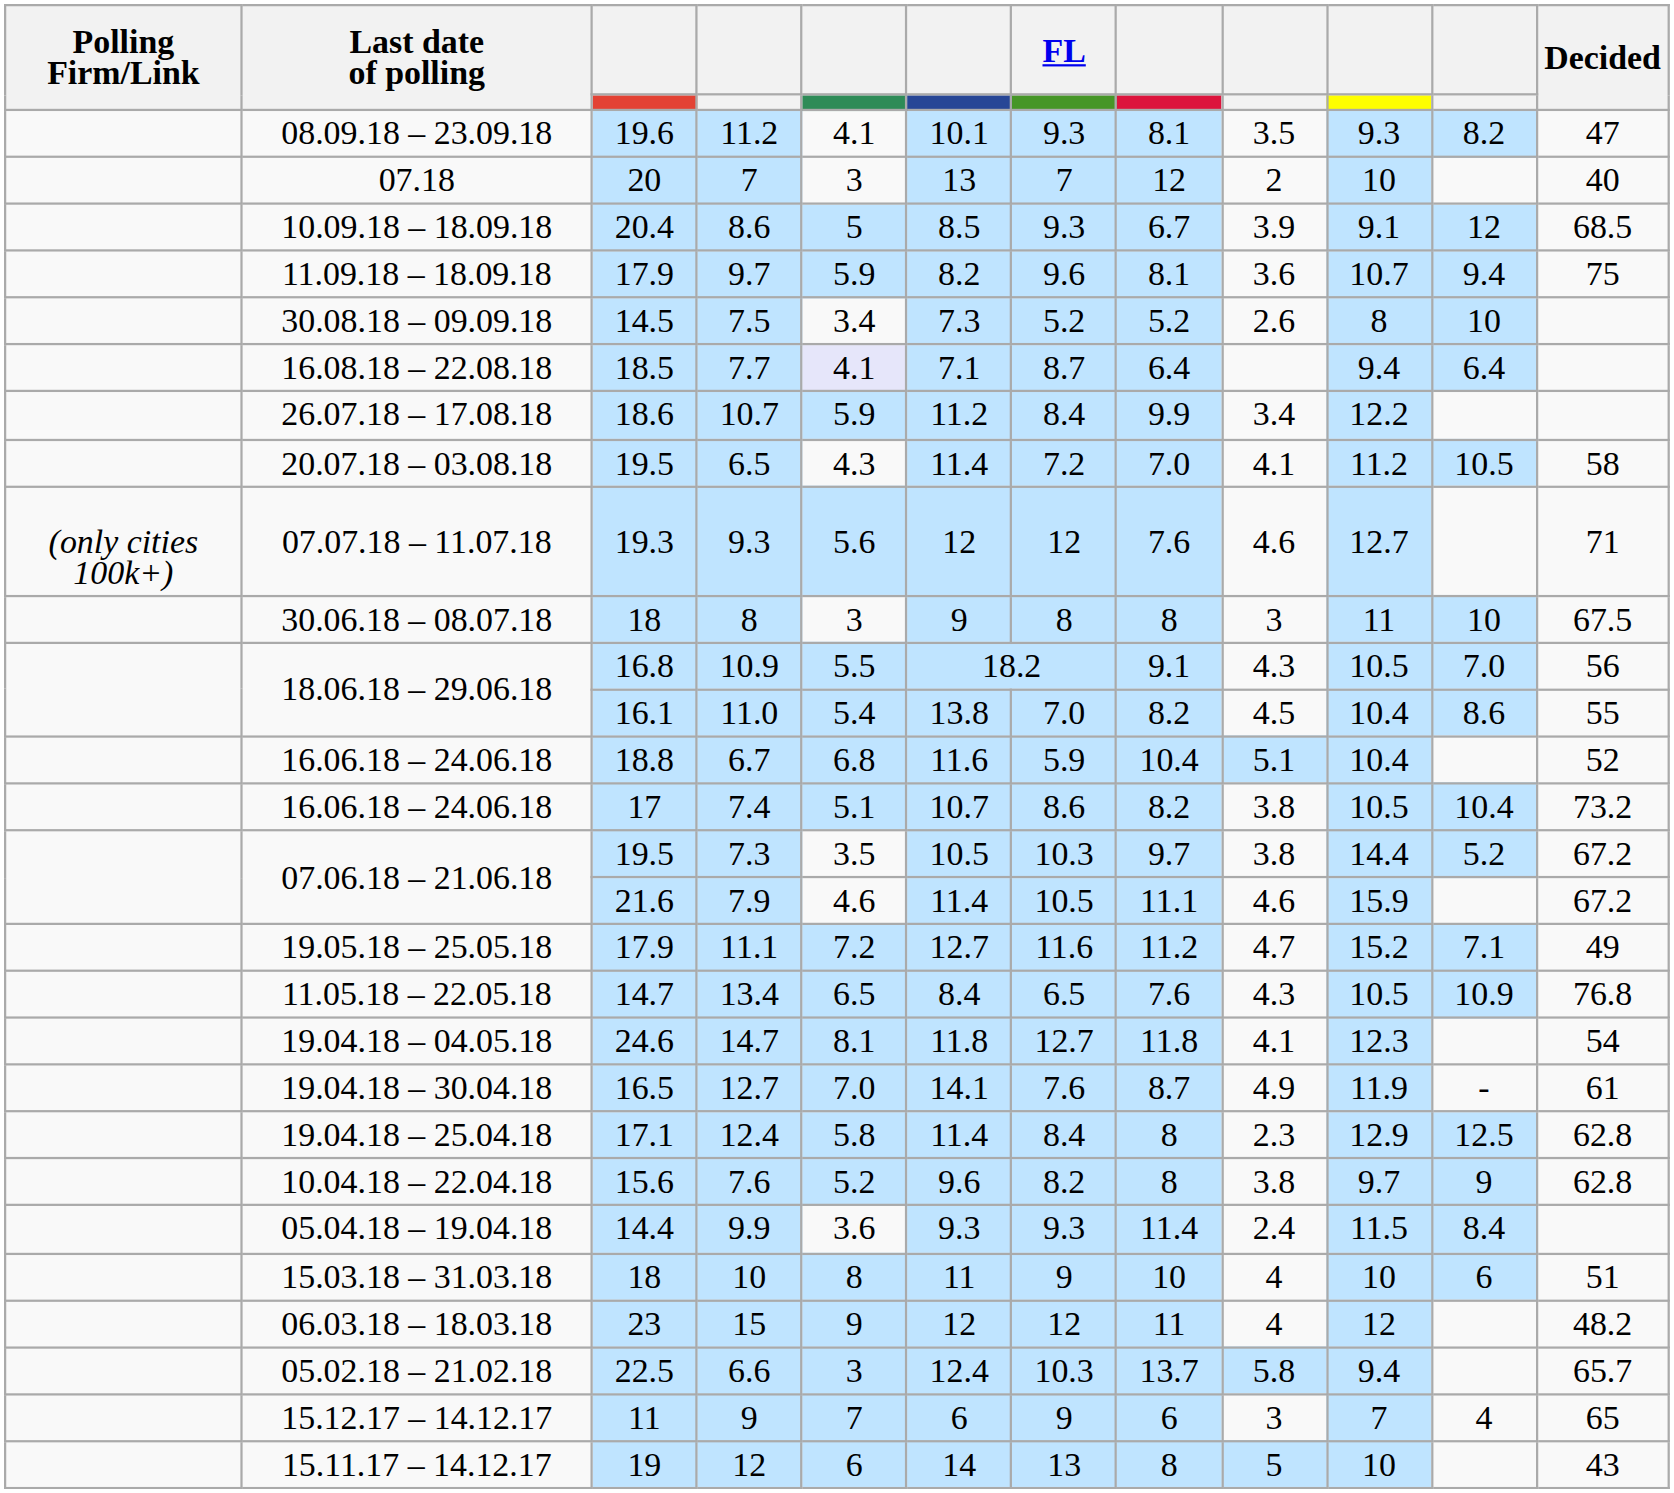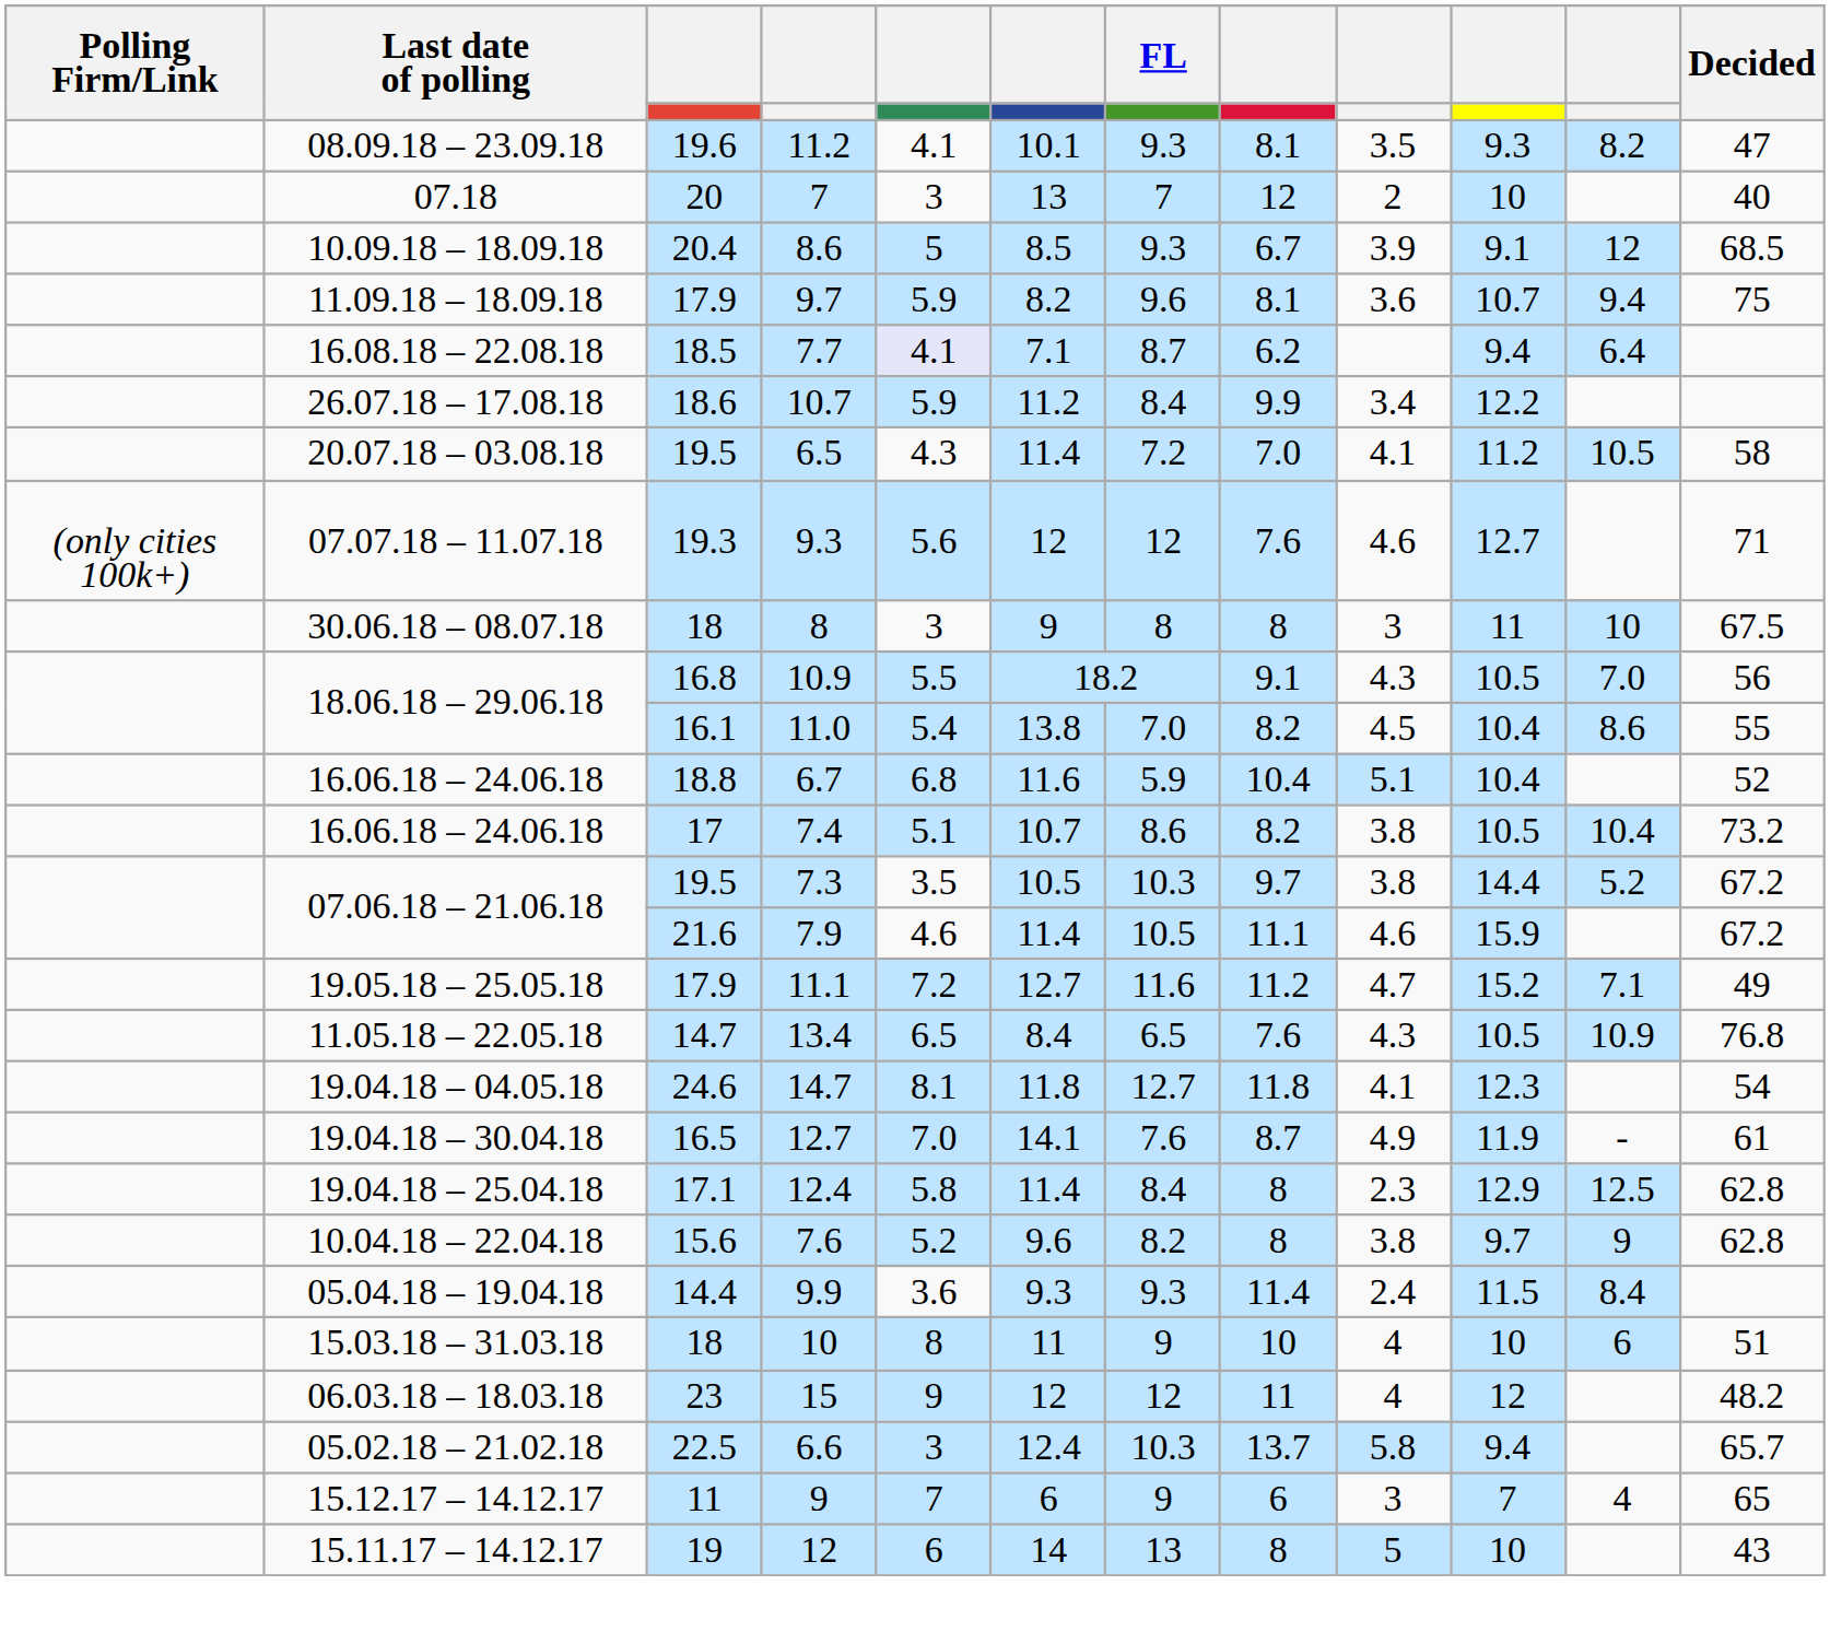 <table class="wikitable" style="text-align:center;font-size:95%;line-height:14px;">
 <tr style="height:40px; background-color:#E9E9E9">
 <th style="width:99px;" rowspan="2">Polling Firm/Link</th>
 <th style="width:150px;" rowspan="2">Last date<br>of polling</th>
 <th style="width:40px;"></th>
 <th style="width:40px;"></th>
 <th style="width:40px;"></th>
 <th style="width:40px;"></th>
 <th style="width:40px;"><a href='#'>FL</a></th>
 <th style="width:40px;"></th>
 <th style="width:40px;"></th>
 <th style="width:40px;"></th>
 <th style="width:40px;"></th>
 <th rowspan="2" style="width:40px;">Decided</th>
 </tr>
 <tr>
 <th style="background:#E34234;"></th>
 <th style="background:"></th>
 <th style="background:#2E8B57;"></th>
 <th style="background:#274696;"></th>
 <th style="background:#469627;"></th>
 <th style="background:Crimson;"></th>
 <th style="background:"></th>
 <th style="background:yellow;"></th>
 <th style="background:"></th>
 </tr>
 <tr>
 <td></td>
 <td>08.09.18 – 23.09.18</td>
 <td bgcolor="#bfe4ff" >19.6</td>
 <td bgcolor="#bfe4ff" >11.2</td>
 <td>4.1</td>
 <td bgcolor="#bfe4ff" >10.1</td>
 <td bgcolor="#bfe4ff" >9.3</td>
 <td bgcolor="#bfe4ff" >8.1</td>
 <td>3.5</td>
 <td bgcolor="#bfe4ff" >9.3</td>
 <td bgcolor="#bfe4ff" >8.2</td>
 <td>47</td>
 </tr>
 <tr>
 <td></td>
 <td>07.18</td>
 <td bgcolor="#bfe4ff" >20</td>
 <td bgcolor="#bfe4ff" >7</td>
 <td>3</td>
 <td bgcolor="#bfe4ff" >13</td>
 <td bgcolor="#bfe4ff" >7</td>
 <td bgcolor="#bfe4ff" >12</td>
 <td>2</td>
 <td bgcolor="#bfe4ff" >10</td>
 <td></td>
 <td>40</td>
 </tr>
 <tr>
 <td></td>
 <td>10.09.18 – 18.09.18</td>
 <td bgcolor="#bfe4ff" >20.4</td>
 <td bgcolor="#bfe4ff" >8.6</td>
 <td bgcolor="#bfe4ff" >5</td>
 <td bgcolor="#bfe4ff" >8.5</td>
 <td bgcolor="#bfe4ff" >9.3</td>
 <td bgcolor="#bfe4ff" >6.7</td>
 <td>3.9</td>
 <td bgcolor="#bfe4ff" >9.1</td>
 <td bgcolor="#bfe4ff" >12</td>
 <td>68.5</td>
 </tr>
 <tr>
 <td></td>
 <td>11.09.18 – 18.09.18</td>
 <td bgcolor="#bfe4ff" >17.9</td>
 <td bgcolor="#bfe4ff" >9.7</td>
 <td bgcolor="#bfe4ff" >5.9</td>
 <td bgcolor="#bfe4ff" >8.2</td>
 <td bgcolor="#bfe4ff" >9.6</td>
 <td bgcolor="#bfe4ff" >8.1</td>
 <td>3.6</td>
 <td bgcolor="#bfe4ff" >10.7</td>
 <td bgcolor="#bfe4ff" >9.4</td>
 <td>75</td>
 </tr>
 <tr>
 <td></td>
-<td>30.08.18 – 09.09.18</td>
-<td bgcolor="#bfe4ff" >14.5</td>
-<td bgcolor="#bfe4ff" >7.5</td>
-<td>3.4</td>
-<td bgcolor="#bfe4ff" >7.3</td>
-<td bgcolor="#bfe4ff" >5.2</td>
-<td bgcolor="#bfe4ff" >5.2</td>
-<td>2.6</td>
-<td bgcolor="#bfe4ff" >8</td>
-<td bgcolor="#bfe4ff" >10</td>
-<td></td>
-</tr>
-<tr>
-<td></td>
 <td>16.08.18 – 22.08.18</td>
 <td bgcolor="#bfe4ff" >18.5</td>
 <td bgcolor="#bfe4ff" >7.7</td>
 <td style="background: lavender;">4.1</td>
 <td bgcolor="#bfe4ff" >7.1</td>
 <td bgcolor="#bfe4ff" >8.7</td>
-<td bgcolor="#bfe4ff" >6.4</td>
+<td bgcolor="#bfe4ff" >6.2</td>
 <td></td>
 <td bgcolor="#bfe4ff" >9.4</td>
 <td bgcolor="#bfe4ff" >6.4</td>
 <td></td>
 </tr>
 <tr>
 <td> </td>
 <td>26.07.18 – 17.08.18</td>
 <td bgcolor="#bfe4ff" >18.6</td>
 <td bgcolor="#bfe4ff" >10.7</td>
 <td bgcolor="#bfe4ff" >5.9</td>
 <td bgcolor="#bfe4ff" >11.2</td>
 <td bgcolor="#bfe4ff" >8.4</td>
 <td bgcolor="#bfe4ff" >9.9</td>
 <td>3.4</td>
 <td bgcolor="#bfe4ff" >12.2</td>
 <td></td>
 <td></td>
 </tr>
 <tr>
 <td></td>
 <td>20.07.18 – 03.08.18</td>
 <td bgcolor="#bfe4ff" >19.5</td>
 <td bgcolor="#bfe4ff" >6.5</td>
 <td>4.3</td>
 <td bgcolor="#bfe4ff" >11.4</td>
 <td bgcolor="#bfe4ff" >7.2</td>
 <td bgcolor="#bfe4ff" >7.0</td>
 <td>4.1</td>
 <td bgcolor="#bfe4ff" >11.2</td>
 <td bgcolor="#bfe4ff" >10.5</td>
 <td>58</td>
 </tr>
 <tr>
 <td><br><em>(only cities 100k+)</em></td>
 <td>07.07.18 – 11.07.18</td>
 <td bgcolor="#bfe4ff" >19.3</td>
 <td bgcolor="#bfe4ff" >9.3</td>
 <td bgcolor="#bfe4ff" >5.6</td>
 <td bgcolor="#bfe4ff" >12</td>
 <td bgcolor="#bfe4ff" >12</td>
 <td bgcolor="#bfe4ff" >7.6</td>
 <td>4.6</td>
 <td bgcolor="#bfe4ff" >12.7</td>
 <td></td>
 <td>71</td>
 </tr>
 <tr>
 <td></td>
 <td>30.06.18 – 08.07.18</td>
 <td bgcolor="#bfe4ff" >18</td>
 <td bgcolor="#bfe4ff" >8</td>
 <td>3</td>
 <td bgcolor="#bfe4ff" >9</td>
 <td bgcolor="#bfe4ff" >8</td>
 <td bgcolor="#bfe4ff" >8</td>
 <td>3</td>
 <td bgcolor="#bfe4ff" >11</td>
 <td bgcolor="#bfe4ff" >10</td>
 <td>67.5</td>
 </tr>
 <tr>
 <td rowspan="2"> </td>
 <td rowspan="2">18.06.18 – 29.06.18</td>
 <td bgcolor="#bfe4ff" >16.8</td>
 <td bgcolor="#bfe4ff" >10.9</td>
 <td bgcolor="#bfe4ff" >5.5</td>
 <td bgcolor="#bfe4ff" colspan="2" >18.2</td>
 <td bgcolor="#bfe4ff" >9.1</td>
 <td bgcolor= >4.3</td>
 <td bgcolor="#bfe4ff" >10.5</td>
 <td bgcolor="#bfe4ff" >7.0</td>
 <td>56</td>
 </tr>
 <tr>
 <td bgcolor="#bfe4ff" >16.1</td>
 <td bgcolor="#bfe4ff" >11.0</td>
 <td bgcolor="#bfe4ff" >5.4</td>
 <td bgcolor="#bfe4ff" >13.8</td>
 <td bgcolor="#bfe4ff" >7.0</td>
 <td bgcolor="#bfe4ff" >8.2</td>
 <td bgcolor= >4.5</td>
 <td bgcolor="#bfe4ff" >10.4</td>
 <td bgcolor="#bfe4ff" >8.6</td>
 <td>55</td>
 </tr>
 <tr>
 <td></td>
 <td>16.06.18 – 24.06.18</td>
 <td bgcolor="#bfe4ff" >18.8</td>
 <td bgcolor="#bfe4ff" >6.7</td>
 <td bgcolor="#bfe4ff" >6.8</td>
 <td bgcolor="#bfe4ff" >11.6</td>
 <td bgcolor="#bfe4ff" >5.9</td>
 <td bgcolor="#bfe4ff" >10.4</td>
 <td bgcolor="#bfe4ff" >5.1</td>
 <td bgcolor="#bfe4ff" >10.4</td>
 <td></td>
 <td>52</td>
 </tr>
 <tr>
 <td></td>
 <td>16.06.18 – 24.06.18</td>
 <td bgcolor="#bfe4ff" >17</td>
 <td bgcolor="#bfe4ff" >7.4</td>
 <td bgcolor="#bfe4ff" >5.1</td>
 <td bgcolor="#bfe4ff" >10.7</td>
 <td bgcolor="#bfe4ff" >8.6</td>
 <td bgcolor="#bfe4ff" >8.2</td>
 <td>3.8</td>
 <td bgcolor="#bfe4ff" >10.5</td>
 <td bgcolor="#bfe4ff" >10.4</td>
 <td>73.2</td>
 </tr>
 <tr>
 <td rowspan="2"></td>
 <td rowspan="2">07.06.18 – 21.06.18</td>
 <td bgcolor="#bfe4ff" >19.5</td>
 <td bgcolor="#bfe4ff" >7.3</td>
 <td>3.5</td>
 <td bgcolor="#bfe4ff" >10.5</td>
 <td bgcolor="#bfe4ff" >10.3</td>
 <td bgcolor="#bfe4ff" >9.7</td>
 <td>3.8</td>
 <td bgcolor="#bfe4ff" >14.4</td>
 <td bgcolor="#bfe4ff" >5.2</td>
 <td>67.2</td>
 </tr>
 <tr>
 <td bgcolor="#bfe4ff" >21.6</td>
 <td bgcolor="#bfe4ff" >7.9</td>
 <td>4.6</td>
 <td bgcolor="#bfe4ff" >11.4</td>
 <td bgcolor="#bfe4ff" >10.5</td>
 <td bgcolor="#bfe4ff" >11.1</td>
 <td>4.6</td>
 <td bgcolor="#bfe4ff" >15.9</td>
 <td></td>
 <td>67.2</td>
 </tr>
 <tr>
 <td></td>
 <td>19.05.18 – 25.05.18</td>
 <td bgcolor="#bfe4ff" >17.9</td>
 <td bgcolor="#bfe4ff" >11.1</td>
 <td bgcolor="#bfe4ff" >7.2</td>
 <td bgcolor="#bfe4ff" >12.7</td>
 <td bgcolor="#bfe4ff" >11.6</td>
 <td bgcolor="#bfe4ff" >11.2</td>
 <td>4.7</td>
 <td bgcolor="#bfe4ff" >15.2</td>
 <td bgcolor="#bfe4ff" >7.1</td>
 <td>49</td>
 </tr>
 <tr>
 <td></td>
 <td>11.05.18 – 22.05.18</td>
 <td bgcolor="#bfe4ff" >14.7</td>
 <td bgcolor="#bfe4ff" >13.4</td>
 <td bgcolor="#bfe4ff" >6.5</td>
 <td bgcolor="#bfe4ff" >8.4</td>
 <td bgcolor="#bfe4ff" >6.5</td>
 <td bgcolor="#bfe4ff" >7.6</td>
 <td>4.3</td>
 <td bgcolor="#bfe4ff" >10.5</td>
 <td bgcolor="#bfe4ff" >10.9</td>
 <td>76.8</td>
 </tr>
 <tr>
 <td></td>
 <td>19.04.18 – 04.05.18</td>
 <td bgcolor="#bfe4ff" >24.6</td>
 <td bgcolor="#bfe4ff" >14.7</td>
 <td bgcolor="#bfe4ff" >8.1</td>
 <td bgcolor="#bfe4ff" >11.8</td>
 <td bgcolor="#bfe4ff" >12.7</td>
 <td bgcolor="#bfe4ff" >11.8</td>
 <td bgcolor= >4.1</td>
 <td bgcolor="#bfe4ff" >12.3</td>
 <td></td>
 <td>54</td>
 </tr>
 <tr>
 <td></td>
 <td>19.04.18 – 30.04.18</td>
 <td bgcolor="#bfe4ff" >16.5</td>
 <td bgcolor="#bfe4ff" >12.7</td>
 <td bgcolor="#bfe4ff" >7.0</td>
 <td bgcolor="#bfe4ff" >14.1</td>
 <td bgcolor="#bfe4ff" >7.6</td>
 <td bgcolor="#bfe4ff" >8.7</td>
 <td bgcolor= >4.9</td>
 <td bgcolor="#bfe4ff" >11.9</td>
 <td>-</td>
 <td>61</td>
 </tr>
 <tr>
 <td></td>
 <td>19.04.18 – 25.04.18</td>
 <td bgcolor="#bfe4ff" >17.1</td>
 <td bgcolor="#bfe4ff" >12.4</td>
 <td bgcolor="#bfe4ff" >5.8</td>
 <td bgcolor="#bfe4ff" >11.4</td>
 <td bgcolor="#bfe4ff" >8.4</td>
 <td bgcolor="#bfe4ff" >8</td>
 <td bgcolor= >2.3</td>
 <td bgcolor="#bfe4ff" >12.9</td>
 <td bgcolor="#bfe4ff" >12.5</td>
 <td>62.8</td>
 </tr>
 <tr>
 <td></td>
 <td>10.04.18 – 22.04.18</td>
 <td bgcolor="#bfe4ff" >15.6</td>
 <td bgcolor="#bfe4ff" >7.6</td>
 <td bgcolor="#bfe4ff" >5.2</td>
 <td bgcolor="#bfe4ff" >9.6</td>
 <td bgcolor="#bfe4ff" >8.2</td>
 <td bgcolor="#bfe4ff" >8</td>
 <td bgcolor= >3.8</td>
 <td bgcolor="#bfe4ff" >9.7</td>
 <td bgcolor="#bfe4ff" >9</td>
 <td>62.8</td>
 </tr>
 <tr>
 <td></td>
 <td>05.04.18 – 19.04.18</td>
 <td bgcolor="#bfe4ff" >14.4</td>
 <td bgcolor="#bfe4ff" >9.9</td>
 <td>3.6</td>
 <td bgcolor="#bfe4ff" >9.3</td>
 <td bgcolor="#bfe4ff" >9.3</td>
 <td bgcolor="#bfe4ff" >11.4</td>
 <td>2.4</td>
 <td bgcolor="#bfe4ff" >11.5</td>
 <td bgcolor="#bfe4ff" >8.4</td>
 <td></td>
 </tr>
 <tr>
 <td></td>
 <td>15.03.18 – 31.03.18</td>
 <td bgcolor="#bfe4ff" >18</td>
 <td bgcolor="#bfe4ff" >10</td>
 <td bgcolor="#bfe4ff" >8</td>
 <td bgcolor="#bfe4ff" >11</td>
 <td bgcolor="#bfe4ff" >9</td>
 <td bgcolor="#bfe4ff" >10</td>
 <td bgcolor= >4</td>
 <td bgcolor="#bfe4ff" >10</td>
 <td bgcolor="#bfe4ff" >6</td>
 <td>51</td>
 </tr>
 <tr>
 <td></td>
 <td>06.03.18 – 18.03.18</td>
 <td bgcolor="#bfe4ff" >23</td>
 <td bgcolor="#bfe4ff" >15</td>
 <td bgcolor="#bfe4ff" >9</td>
 <td bgcolor="#bfe4ff" >12</td>
 <td bgcolor="#bfe4ff" >12</td>
 <td bgcolor="#bfe4ff" >11</td>
 <td bgcolor= >4</td>
 <td bgcolor="#bfe4ff" >12</td>
 <td></td>
 <td>48.2</td>
 </tr>
 <tr>
 <td></td>
 <td>05.02.18 – 21.02.18</td>
 <td bgcolor="#bfe4ff" >22.5</td>
 <td bgcolor="#bfe4ff" >6.6</td>
 <td bgcolor="#bfe4ff" >3</td>
 <td bgcolor="#bfe4ff" >12.4</td>
 <td bgcolor="#bfe4ff" >10.3</td>
 <td bgcolor="#bfe4ff" >13.7</td>
 <td bgcolor="#bfe4ff" >5.8</td>
 <td bgcolor="#bfe4ff" >9.4</td>
 <td></td>
 <td>65.7</td>
 </tr>
 <tr>
 <td></td>
 <td>15.12.17 – 14.12.17</td>
 <td bgcolor="#bfe4ff" >11</td>
 <td bgcolor="#bfe4ff" >9</td>
 <td bgcolor="#bfe4ff" >7</td>
 <td bgcolor="#bfe4ff" >6</td>
 <td bgcolor="#bfe4ff" >9</td>
 <td bgcolor="#bfe4ff" >6</td>
 <td bgcolor= >3</td>
 <td bgcolor="#bfe4ff" >7</td>
 <td bgcolor= >4</td>
 <td>65</td>
 </tr>
 <tr>
 <td></td>
 <td>15.11.17 – 14.12.17</td>
 <td bgcolor="#bfe4ff" >19</td>
 <td bgcolor="#bfe4ff" >12</td>
 <td bgcolor="#bfe4ff" >6</td>
 <td bgcolor="#bfe4ff" >14</td>
 <td bgcolor="#bfe4ff" >13</td>
 <td bgcolor="#bfe4ff" >8</td>
 <td bgcolor="#bfe4ff" >5</td>
 <td bgcolor="#bfe4ff" >10</td>
 <td></td>
 <td>43</td>
 </tr>
 </table>
